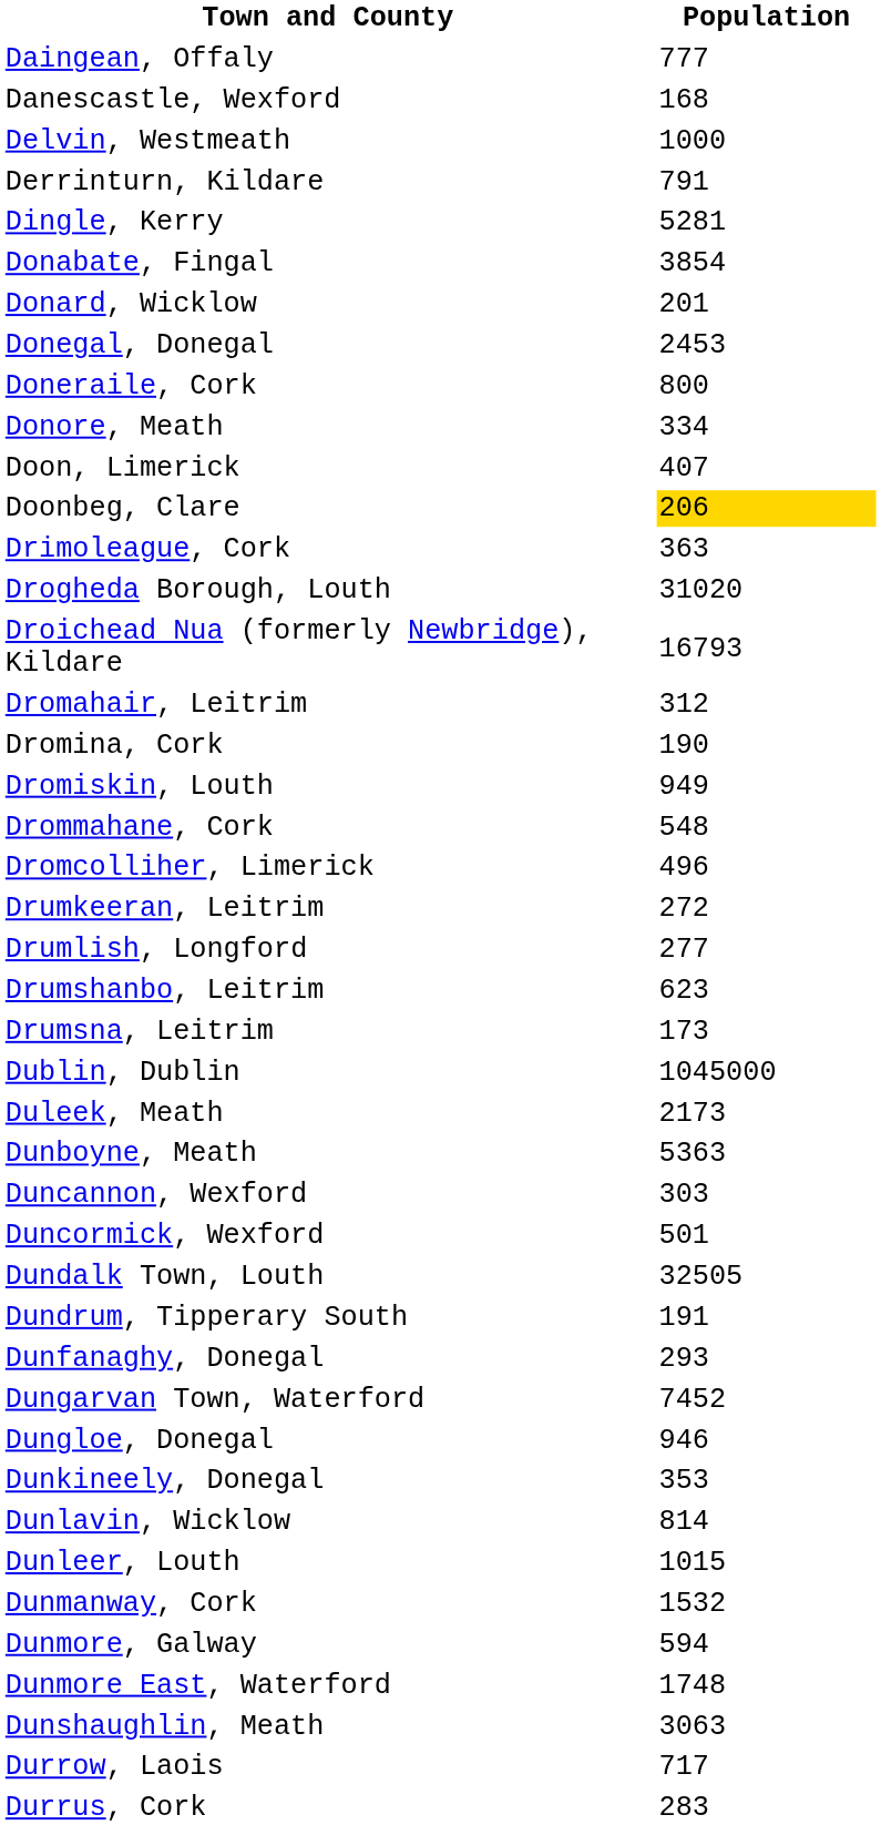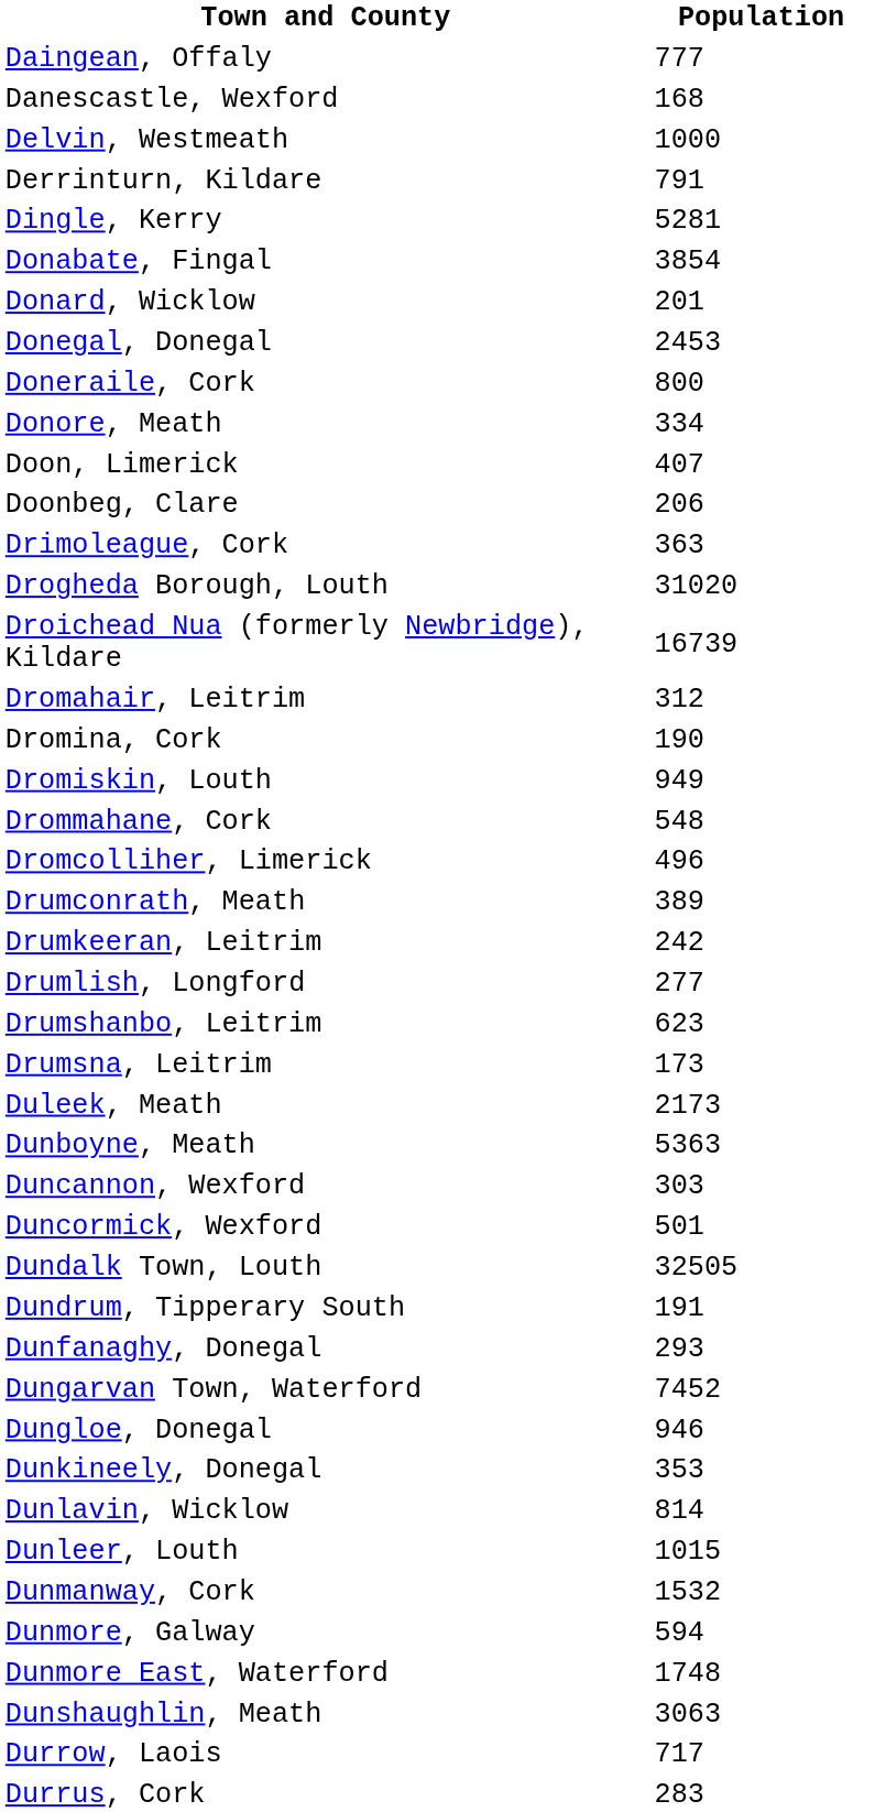 <table>
 <tr>
 <th style="width:300px;align:left;">Town and County</th>
 <th style="width:100px;align:right;">Population</th>
 </tr>
 <tr>
 <td><a href='#'>Daingean</a>, Offaly</td>
 <td>777</td>
 </tr>
 <tr>
 <td>Danescastle, Wexford</td>
 <td>168</td>
 </tr>
 <tr>
 <td><a href='#'>Delvin</a>, Westmeath</td>
 <td>1000</td>
 </tr>
 <tr>
 <td>Derrinturn, Kildare</td>
 <td>791</td>
 </tr>
 <tr>
 <td><a href='#'>Dingle</a>, Kerry</td>
 <td>5281</td>
 </tr>
 <tr>
 <td><a href='#'>Donabate</a>, Fingal</td>
 <td>3854</td>
 </tr>
 <tr>
 <td><a href='#'>Donard</a>, Wicklow</td>
 <td>201</td>
 </tr>
 <tr>
 <td><a href='#'>Donegal</a>, Donegal</td>
 <td>2453</td>
 </tr>
 <tr>
 <td><a href='#'>Doneraile</a>, Cork</td>
 <td>800</td>
 </tr>
 <tr>
 <td><a href='#'>Donore</a>, Meath</td>
 <td>334</td>
 </tr>
 <tr>
 <td>Doon, Limerick</td>
 <td>407</td>
 </tr>
 <tr>
 <td>Doonbeg, Clare</td>
-<td style="background: gold;">206</td>
+<td>206</td>
 </tr>
 <tr>
 <td><a href='#'>Drimoleague</a>, Cork</td>
 <td>363</td>
 </tr>
 <tr>
 <td><a href='#'>Drogheda</a> Borough, Louth</td>
 <td>31020</td>
 </tr>
 <tr>
 <td><a href='#'>Droichead Nua</a>  (formerly <a href='#'>Newbridge</a>), Kildare</td>
-<td>16793</td>
+<td>16739</td>
 </tr>
 <tr>
 <td><a href='#'>Dromahair</a>, Leitrim</td>
 <td>312</td>
 </tr>
 <tr>
 <td>Dromina, Cork</td>
 <td>190</td>
 </tr>
 <tr>
 <td><a href='#'>Dromiskin</a>, Louth</td>
 <td>949</td>
 </tr>
 <tr>
 <td><a href='#'>Drommahane</a>, Cork</td>
 <td>548</td>
 </tr>
 <tr>
 <td><a href='#'>Dromcolliher</a>, Limerick</td>
 <td>496</td>
 </tr>
 <tr>
+<td><a href='#'>Drumconrath</a>, Meath</td>
+<td>389</td>
+</tr>
+<tr>
 <td><a href='#'>Drumkeeran</a>, Leitrim</td>
-<td>272</td>
+<td>242</td>
 </tr>
 <tr>
 <td><a href='#'>Drumlish</a>, Longford</td>
 <td>277</td>
 </tr>
 <tr>
 <td><a href='#'>Drumshanbo</a>, Leitrim</td>
 <td>623</td>
 </tr>
 <tr>
 <td><a href='#'>Drumsna</a>, Leitrim</td>
 <td>173</td>
-</tr>
-<tr>
-<td><a href='#'>Dublin</a>, Dublin</td>
-<td>1045000</td>
 </tr>
 <tr>
 <td><a href='#'>Duleek</a>, Meath</td>
 <td>2173</td>
 </tr>
 <tr>
 <td><a href='#'>Dunboyne</a>, Meath</td>
 <td>5363</td>
 </tr>
 <tr>
 <td><a href='#'>Duncannon</a>, Wexford</td>
 <td>303</td>
 </tr>
 <tr>
 <td><a href='#'>Duncormick</a>, Wexford</td>
 <td>501</td>
 </tr>
 <tr>
 <td><a href='#'>Dundalk</a> Town, Louth</td>
 <td>32505</td>
 </tr>
 <tr>
 <td><a href='#'>Dundrum</a>, Tipperary South</td>
 <td>191</td>
 </tr>
 <tr>
 <td><a href='#'>Dunfanaghy</a>, Donegal</td>
 <td>293</td>
 </tr>
 <tr>
 <td><a href='#'>Dungarvan</a> Town, Waterford</td>
 <td>7452</td>
 </tr>
 <tr>
 <td><a href='#'>Dungloe</a>, Donegal</td>
 <td>946</td>
 </tr>
 <tr>
 <td><a href='#'>Dunkineely</a>, Donegal</td>
 <td>353</td>
 </tr>
 <tr>
 <td><a href='#'>Dunlavin</a>, Wicklow</td>
 <td>814</td>
 </tr>
 <tr>
 <td><a href='#'>Dunleer</a>, Louth</td>
 <td>1015</td>
 </tr>
 <tr>
 <td><a href='#'>Dunmanway</a>, Cork</td>
 <td>1532</td>
 </tr>
 <tr>
 <td><a href='#'>Dunmore</a>, Galway</td>
 <td>594</td>
 </tr>
 <tr>
 <td><a href='#'>Dunmore East</a>, Waterford</td>
 <td>1748</td>
 </tr>
 <tr>
 <td><a href='#'>Dunshaughlin</a>, Meath</td>
 <td>3063</td>
 </tr>
 <tr>
 <td><a href='#'>Durrow</a>, Laois</td>
 <td>717</td>
 </tr>
 <tr>
 <td><a href='#'>Durrus</a>, Cork</td>
 <td>283</td>
 </tr>
 </table>
